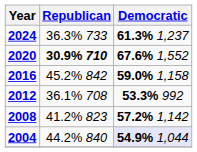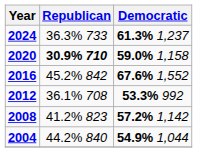 <table class="wikitable" style="float:right; margin: 1em 1em 1em 0; font-size: 95%;">
 <tr>
 <th>Year</th>
 <th><a href='#'>Republican</a></th>
 <th><a href='#'>Democratic</a></th>
 </tr>
 <tr>
 <td style="text-align:center; "><strong><a href='#'>2024</a></strong></td>
 <td style="text-align:center; ">36.3% <em>733</em></td>
 <td style="text-align:center; "><strong>61.3%</strong> <em>1,237</em></td>
 </tr>
 <tr>
 <td style="text-align:center; "><strong><a href='#'>2020</a></strong></td>
 <td style="text-align:center; "><strong>30.9% <em>710</em></strong></td>
-<td style="text-align:center; "><strong>67.6%</strong>  <em>1,552</em></td>
+<td style="text-align:center; "><strong>59.0%</strong>  <em>1,158</em></td>
 </tr>
 <tr>
 <td style="text-align:center; "><strong><a href='#'>2016</a></strong></td>
 <td style="text-align:center; ">45.2% <em>842</em></td>
-<td style="text-align:center; "><strong>59.0%</strong>  <em>1,158</em></td>
+<td style="text-align:center; "><strong>67.6%</strong>  <em>1,552</em></td>
 </tr>
 <tr>
 <td style="text-align:center; "><strong><a href='#'>2012</a></strong></td>
 <td style="text-align:center; ">36.1% <em>708</em></td>
 <td style="text-align:center; "><strong>53.3%</strong>  <em>992</em></td>
 </tr>
 <tr>
 <td style="text-align:center; "><strong><a href='#'>2008</a></strong></td>
 <td style="text-align:center; ">41.2% <em>823</em></td>
 <td style="text-align:center; "><strong>57.2%</strong>  <em>1,142</em></td>
 </tr>
 <tr>
 <td style="text-align:center; "><strong><a href='#'>2004</a></strong></td>
 <td style="text-align:center; ">44.2% <em>840</em></td>
-<td style="background: lavender; text-align:center; "><strong>54.9%</strong> <em>1,044</em></td>
+<td style="text-align:center; "><strong>54.9%</strong> <em>1,044</em></td>
 </tr>
 <tr>
 </tr>
 </table>
